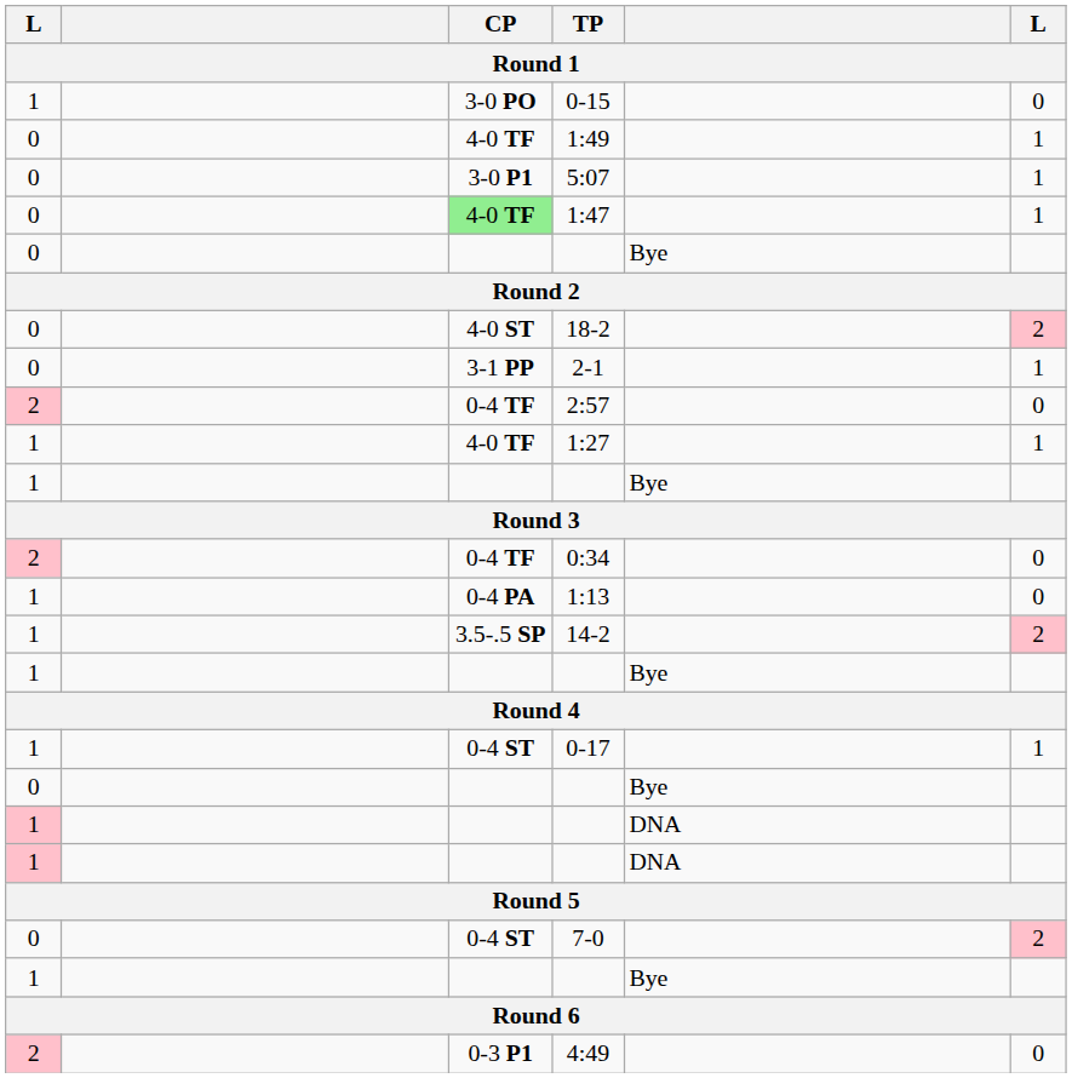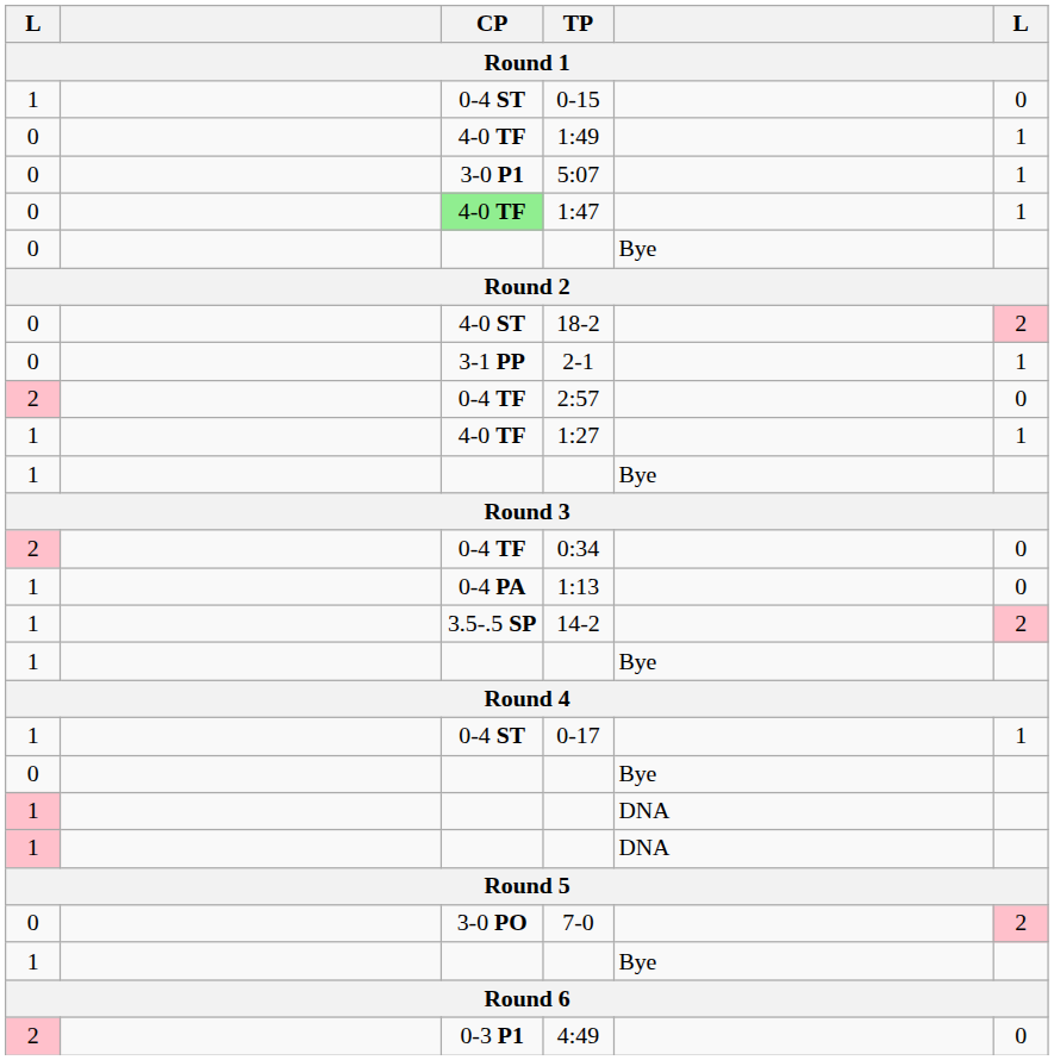 <table class="wikitable" style="text-align: center;" |>
 <tr>
 <th width="30">L</th>
 <th width="250"></th>
 <th width="62">CP</th>
 <th width="40">TP</th>
 <th width="250"></th>
 <th width="30">L</th>
 </tr>
 <tr>
 <th colspan="7">Round 1</th>
 </tr>
 <tr>
 <td>1</td>
 <td style="text-align:left;"></td>
-<td>3-0 <strong>PO</strong></td>
+<td>0-4 <strong>ST</strong></td>
 <td>0-15</td>
 <td style="text-align:left;"><strong></strong></td>
 <td>0</td>
 </tr>
 <tr>
 <td>0</td>
 <td style="text-align:left;"><strong></strong></td>
 <td>4-0 <strong>TF</strong></td>
 <td>1:49</td>
 <td style="text-align:left;"></td>
 <td>1</td>
 </tr>
 <tr>
 <td>0</td>
 <td style="text-align:left;"><strong></strong></td>
 <td>3-0 <strong>P1</strong></td>
 <td>5:07</td>
 <td style="text-align:left;"></td>
 <td>1</td>
 </tr>
 <tr>
 <td>0</td>
 <td style="text-align:left;"><strong></strong></td>
 <td style="background: lightgreen;">4-0 <strong>TF</strong></td>
 <td>1:47</td>
 <td style="text-align:left;"></td>
 <td>1</td>
 </tr>
 <tr>
 <td>0</td>
 <td style="text-align:left;"><strong></strong></td>
 <td></td>
 <td></td>
 <td style="text-align:left;">Bye</td>
 <td></td>
 </tr>
 <tr>
 <th colspan="7">Round 2</th>
 </tr>
 <tr>
 <td>0</td>
 <td style="text-align:left;"><strong></strong></td>
 <td>4-0 <strong>ST</strong></td>
 <td>18-2</td>
 <td style="text-align:left;"></td>
 <td bgcolor=pink>2</td>
 </tr>
 <tr>
 <td>0</td>
 <td style="text-align:left;"><strong></strong></td>
 <td>3-1 <strong>PP</strong></td>
 <td>2-1</td>
 <td style="text-align:left;"></td>
 <td>1</td>
 </tr>
 <tr>
 <td bgcolor=pink>2</td>
 <td style="text-align:left;"></td>
 <td>0-4 <strong>TF</strong></td>
 <td>2:57</td>
 <td style="text-align:left;"><strong></strong></td>
 <td>0</td>
 </tr>
 <tr>
 <td>1</td>
 <td style="text-align:left;"><strong></strong></td>
 <td>4-0 <strong>TF</strong></td>
 <td>1:27</td>
 <td style="text-align:left;"></td>
 <td>1</td>
 </tr>
 <tr>
 <td>1</td>
 <td style="text-align:left;"><strong></strong></td>
 <td></td>
 <td></td>
 <td style="text-align:left;">Bye</td>
 <td></td>
 </tr>
 <tr>
 <th colspan="7">Round 3</th>
 </tr>
 <tr>
 <td bgcolor=pink>2</td>
 <td style="text-align:left;"></td>
 <td>0-4 <strong>TF</strong></td>
 <td>0:34</td>
 <td style="text-align:left;"><strong></strong></td>
 <td>0</td>
 </tr>
 <tr>
 <td>1</td>
 <td style="text-align:left;"></td>
 <td>0-4 <strong>PA</strong></td>
 <td>1:13</td>
 <td style="text-align:left;"><strong></strong></td>
 <td>0</td>
 </tr>
 <tr>
 <td>1</td>
 <td style="text-align:left;"><strong></strong></td>
 <td>3.5-.5 <strong>SP</strong></td>
 <td>14-2</td>
 <td style="text-align:left;"></td>
 <td bgcolor=pink>2</td>
 </tr>
 <tr>
 <td>1</td>
 <td style="text-align:left;"><strong></strong></td>
 <td></td>
 <td></td>
 <td style="text-align:left;">Bye</td>
 <td></td>
 </tr>
 <tr>
 <th colspan="7">Round 4</th>
 </tr>
 <tr>
 <td>1</td>
 <td style="text-align:left;"></td>
 <td>0-4 <strong>ST</strong></td>
 <td>0-17</td>
 <td style="text-align:left;"><strong></strong></td>
 <td>1</td>
 </tr>
 <tr>
 <td>0</td>
 <td style="text-align:left;"><strong></strong></td>
 <td></td>
 <td></td>
 <td style="text-align:left;">Bye</td>
 <td></td>
 </tr>
 <tr>
 <td bgcolor=pink>1</td>
 <td style="text-align:left;"></td>
 <td></td>
 <td></td>
 <td style="text-align:left;">DNA</td>
 <td></td>
 </tr>
 <tr>
 <td bgcolor=pink>1</td>
 <td style="text-align:left;"></td>
 <td></td>
 <td></td>
 <td style="text-align:left;">DNA</td>
 <td></td>
 </tr>
 <tr>
 <th colspan="7">Round 5</th>
 </tr>
 <tr>
 <td>0</td>
 <td style="text-align:left;"><strong></strong></td>
-<td>0-4 <strong>ST</strong></td>
+<td>3-0 <strong>PO</strong></td>
 <td>7-0</td>
 <td style="text-align:left;"></td>
 <td bgcolor=pink>2</td>
 </tr>
 <tr>
 <td>1</td>
 <td style="text-align:left;"><strong></strong></td>
 <td></td>
 <td></td>
 <td style="text-align:left;">Bye</td>
 <td></td>
 </tr>
 <tr>
 <th colspan="7">Round 6</th>
 </tr>
 <tr>
 <td bgcolor=pink>2</td>
 <td style="text-align:left;"></td>
 <td>0-3 <strong>P1</strong></td>
 <td>4:49</td>
 <td style="text-align:left;"><strong></strong></td>
 <td>0</td>
 </tr>
 </table>
